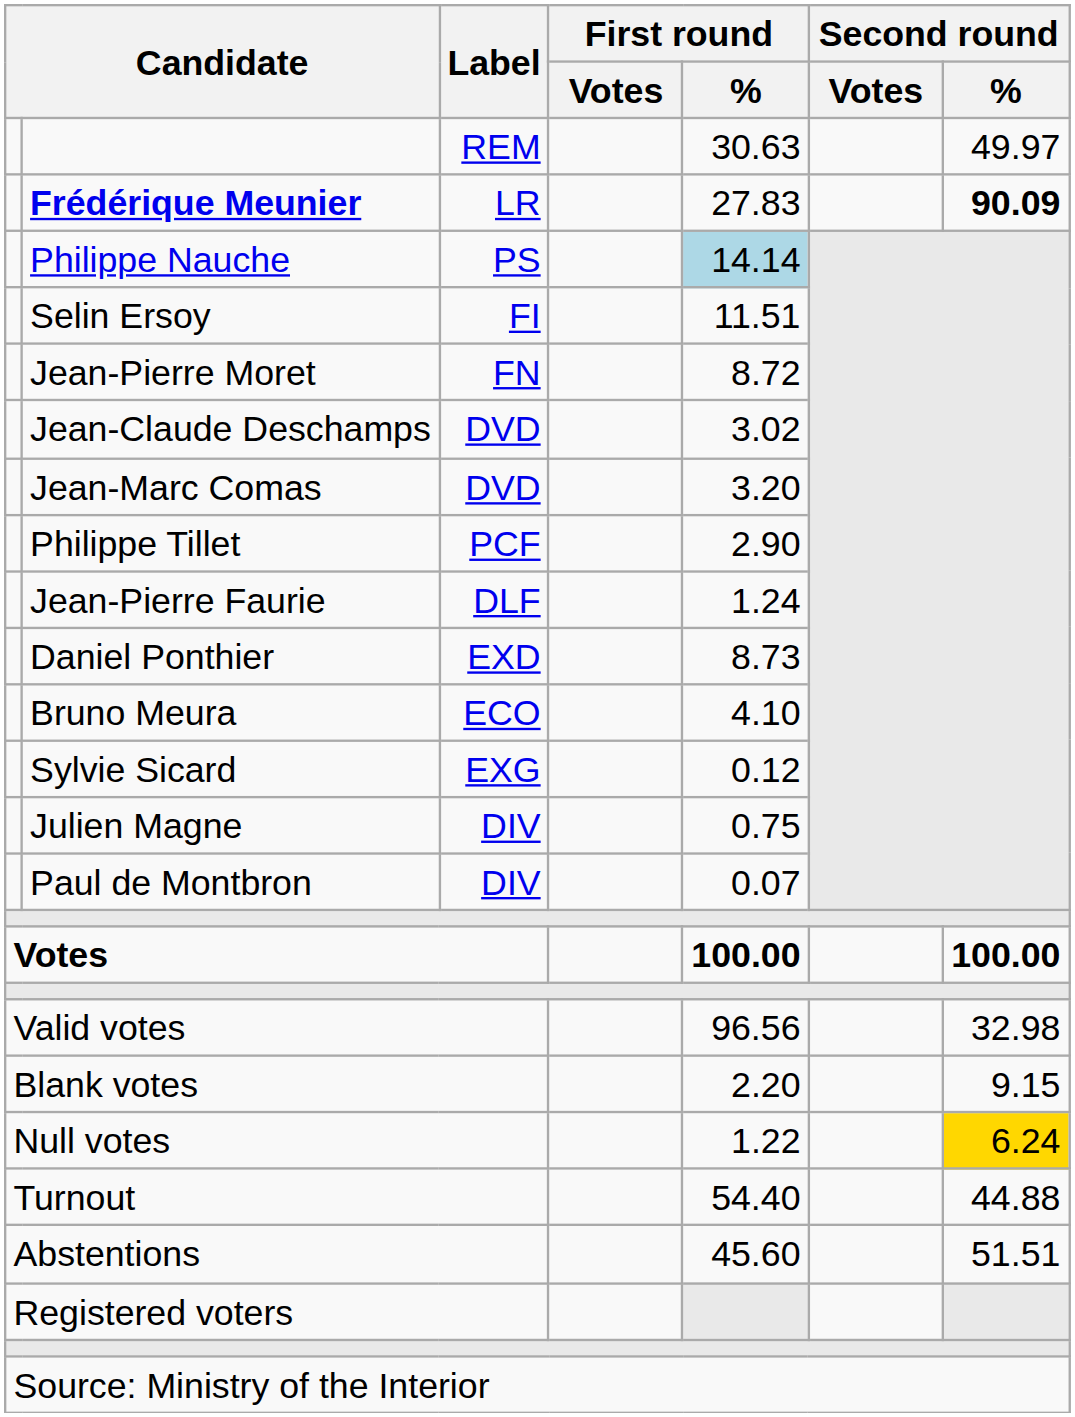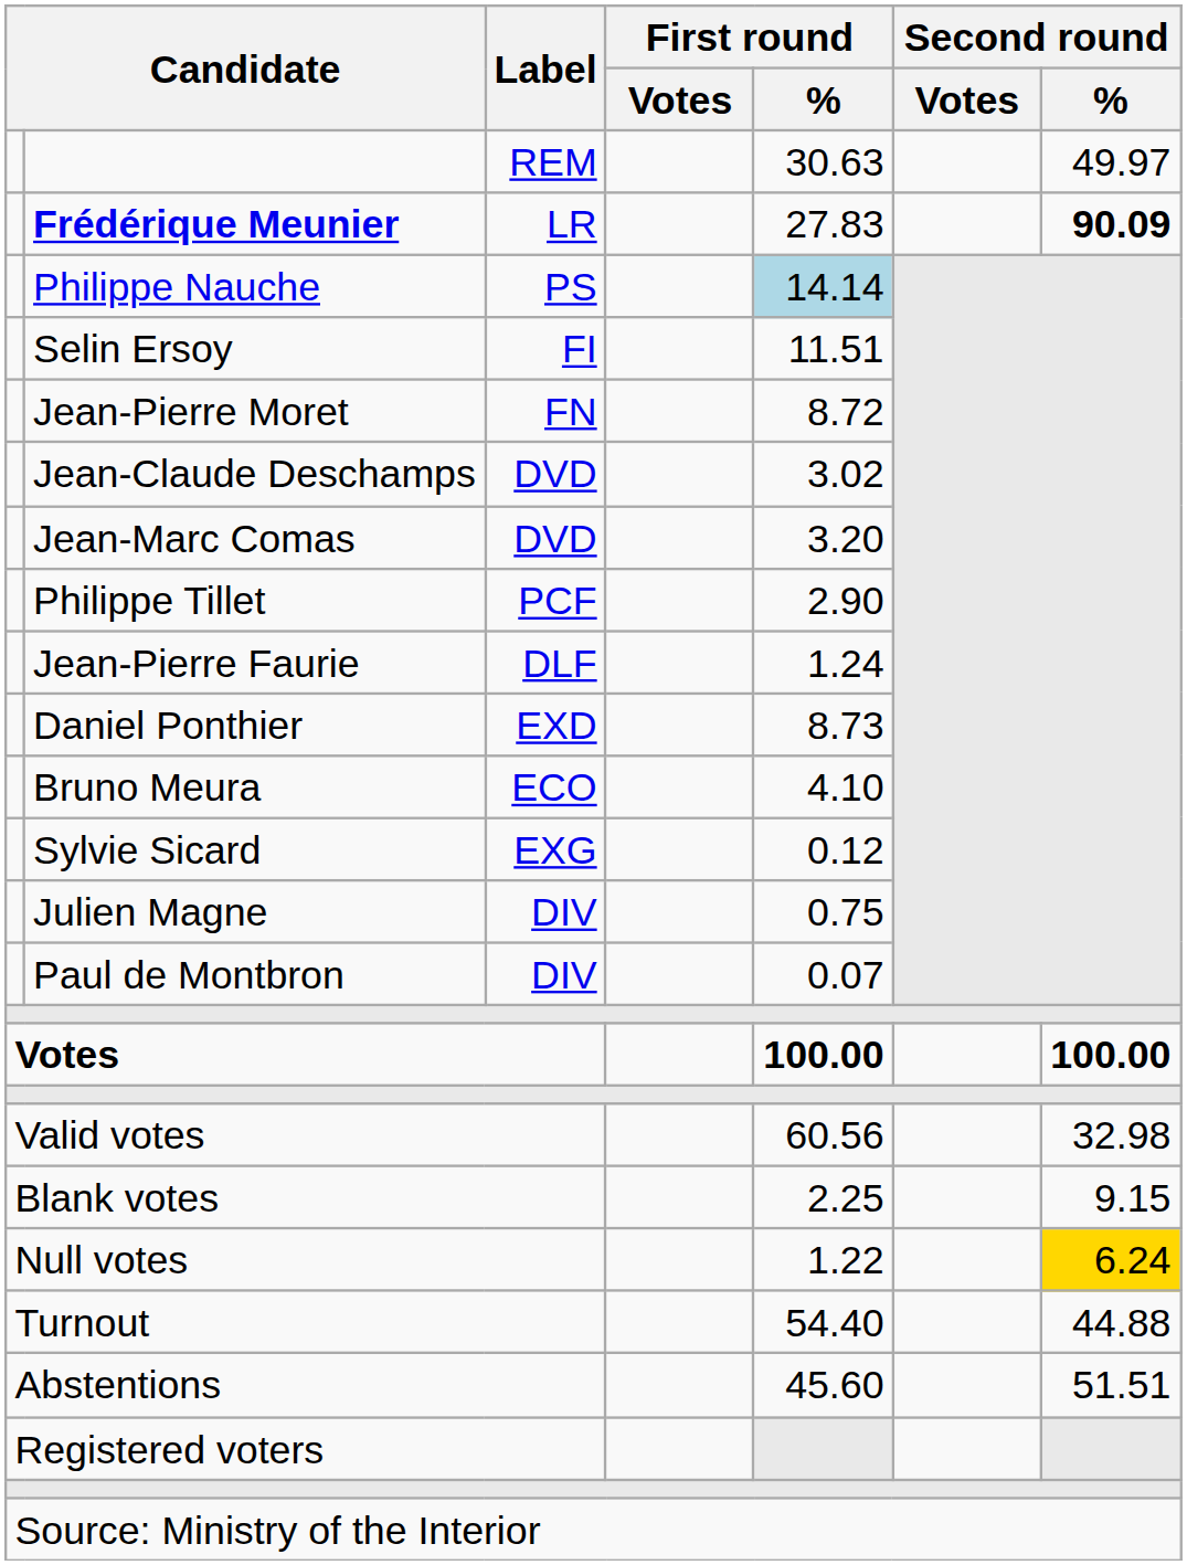 <table class="wikitable" style="text-align:right;font-size:95%;">
 <tr>
 <th rowspan="2" colspan="2">Candidate</th>
 <th rowspan="2">Label</th>
 <th colspan="2">First round</th>
 <th colspan="2">Second round</th>
 </tr>
 <tr>
 <th style="width:50px;">Votes</th>
 <th style="width:45px;">%</th>
 <th style="width:50px;">Votes</th>
 <th style="width:45px;">%</th>
 </tr>
 <tr>
 <td style="color:inherit;background:"></td>
 <td style="text-align:left;"></td>
 <td><a href='#'>REM</a></td>
 <td></td>
 <td>30.63</td>
 <td></td>
 <td>49.97</td>
 </tr>
 <tr>
 <td style="color:inherit;background:"></td>
 <td style="text-align:left;"><strong><a href='#'>Frédérique Meunier</a></strong></td>
 <td><a href='#'>LR</a></td>
 <td></td>
 <td>27.83</td>
 <td><strong></strong></td>
 <td><strong>90.09</strong></td>
 </tr>
 <tr>
 <td style="color:inherit;background:"></td>
 <td style="text-align:left;"><a href='#'>Philippe Nauche</a></td>
 <td><a href='#'>PS</a></td>
 <td></td>
 <td style="background: lightblue;">14.14</td>
 <td colspan="2" rowspan="12" style="background:#E9E9E9;"></td>
 </tr>
 <tr>
 <td style="color:inherit;background:"></td>
 <td style="text-align:left;">Selin Ersoy</td>
 <td><a href='#'>FI</a></td>
 <td></td>
 <td>11.51</td>
 </tr>
 <tr>
 <td style="color:inherit;background:"></td>
 <td style="text-align:left;">Jean-Pierre Moret</td>
 <td><a href='#'>FN</a></td>
 <td></td>
 <td>8.72</td>
 </tr>
 <tr>
 <td style="color:inherit;background:"></td>
 <td style="text-align:left;">Jean-Claude Deschamps</td>
 <td><a href='#'>DVD</a></td>
 <td></td>
 <td>3.02</td>
 </tr>
 <tr>
 <td style="color:inherit;background:"></td>
 <td style="text-align:left;">Jean-Marc Comas</td>
 <td><a href='#'>DVD</a></td>
 <td></td>
 <td>3.20</td>
 </tr>
 <tr>
 <td style="color:inherit;background:"></td>
 <td style="text-align:left;">Philippe Tillet</td>
 <td><a href='#'>PCF</a></td>
 <td></td>
 <td>2.90</td>
 </tr>
 <tr>
 <td style="color:inherit;background:"></td>
 <td style="text-align:left;">Jean-Pierre Faurie</td>
 <td><a href='#'>DLF</a></td>
 <td></td>
 <td>1.24</td>
 </tr>
 <tr>
 <td style="color:inherit;background:"></td>
 <td style="text-align:left;">Daniel Ponthier</td>
 <td><a href='#'>EXD</a></td>
 <td></td>
 <td>8.73</td>
 </tr>
 <tr>
 <td style="color:inherit;background:"></td>
 <td style="text-align:left;">Bruno Meura</td>
 <td><a href='#'>ECO</a></td>
 <td></td>
 <td>4.10</td>
 </tr>
 <tr>
 <td style="color:inherit;background:"></td>
 <td style="text-align:left;">Sylvie Sicard</td>
 <td><a href='#'>EXG</a></td>
 <td></td>
 <td>0.12</td>
 </tr>
 <tr>
 <td style="color:inherit;background:"></td>
 <td style="text-align:left;">Julien Magne</td>
 <td><a href='#'>DIV</a></td>
 <td></td>
 <td>0.75</td>
 </tr>
 <tr>
 <td style="color:inherit;background:"></td>
 <td style="text-align:left;">Paul de Montbron</td>
 <td><a href='#'>DIV</a></td>
 <td></td>
 <td>0.07</td>
 </tr>
 <tr>
 <td colspan="7" style="background:#E9E9E9;"></td>
 </tr>
 <tr style="font-weight:bold;">
 <td colspan="3" style="text-align:left;">Votes</td>
 <td></td>
 <td>100.00</td>
 <td></td>
 <td>100.00</td>
 </tr>
 <tr>
 <td colspan="7" style="background:#E9E9E9;"></td>
 </tr>
 <tr>
 <td colspan="3" style="text-align:left;">Valid votes</td>
 <td></td>
-<td>96.56</td>
+<td>60.56</td>
 <td></td>
 <td>32.98</td>
 </tr>
 <tr>
 <td colspan="3" style="text-align:left;">Blank votes</td>
 <td></td>
-<td>2.20</td>
+<td>2.25</td>
 <td></td>
 <td>9.15</td>
 </tr>
 <tr>
 <td colspan="3" style="text-align:left;">Null votes</td>
 <td></td>
 <td>1.22</td>
 <td></td>
 <td style="background: gold;">6.24</td>
 </tr>
 <tr>
 <td colspan="3" style="text-align:left;">Turnout</td>
 <td></td>
 <td>54.40</td>
 <td></td>
 <td>44.88</td>
 </tr>
 <tr>
 <td colspan="3" style="text-align:left;">Abstentions</td>
 <td></td>
 <td>45.60</td>
 <td></td>
 <td>51.51</td>
 </tr>
 <tr>
 <td colspan="3" style="text-align:left;">Registered voters</td>
 <td></td>
 <td style="color:inherit;background:#E9E9E9;"></td>
 <td></td>
 <td style="color:inherit;background:#E9E9E9;"></td>
 </tr>
 <tr>
 <td colspan="7" style="background:#E9E9E9;"></td>
 </tr>
 <tr>
 <td colspan="7" style="text-align:left;">Source: Ministry of the Interior</td>
 </tr>
 </table>
